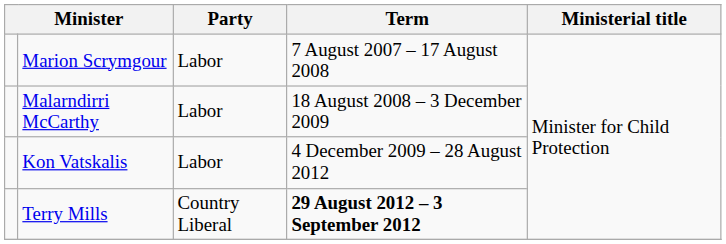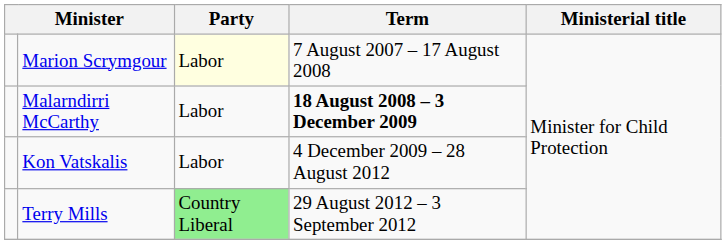 <table class="sortable wikitable">
 <tr>
 <th colspan=2>Minister</th>
 <th>Party</th>
 <th>Term </th>
 <th>Ministerial title</th>
 </tr>
 <tr>
 <td> </td>
 <td><a href='#'>Marion Scrymgour</a></td>
-<td>Labor</td>
+<td style="background: lightyellow;">Labor</td>
 <td>7 August 2007 – 17 August 2008</td>
 <td rowspan="4">Minister for Child Protection</td>
 </tr>
 <tr>
 <td> </td>
 <td><a href='#'>Malarndirri McCarthy</a></td>
 <td>Labor</td>
-<td>18 August 2008 – 3 December 2009</td>
+<td><strong>18 August 2008 – 3 December 2009</strong></td>
 </tr>
 <tr>
 <td> </td>
 <td><a href='#'>Kon Vatskalis</a></td>
 <td>Labor</td>
 <td>4 December 2009 – 28 August 2012</td>
 </tr>
 <tr>
 <td> </td>
 <td><a href='#'>Terry Mills</a></td>
-<td>Country Liberal</td>
-<td><strong>29 August 2012 – 3 September 2012</strong></td>
+<td style="background: lightgreen;">Country Liberal</td>
+<td>29 August 2012 – 3 September 2012</td>
 </tr>
 <tr>
 </tr>
 </table>
